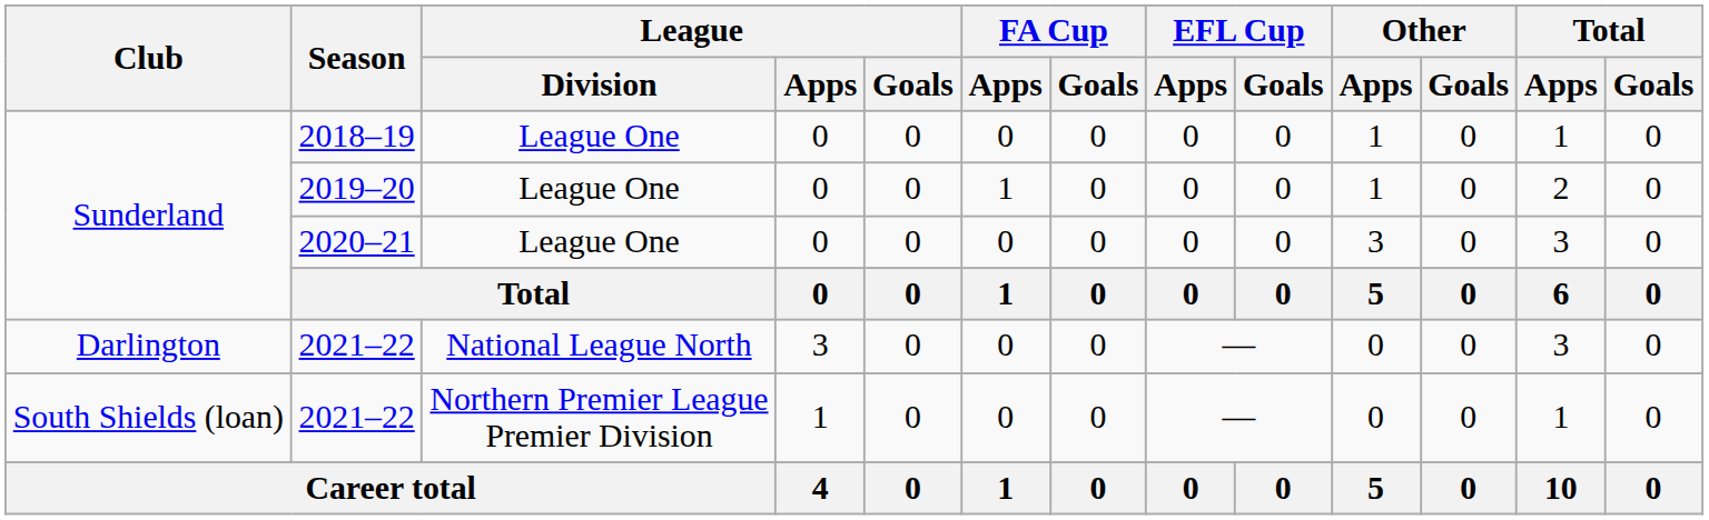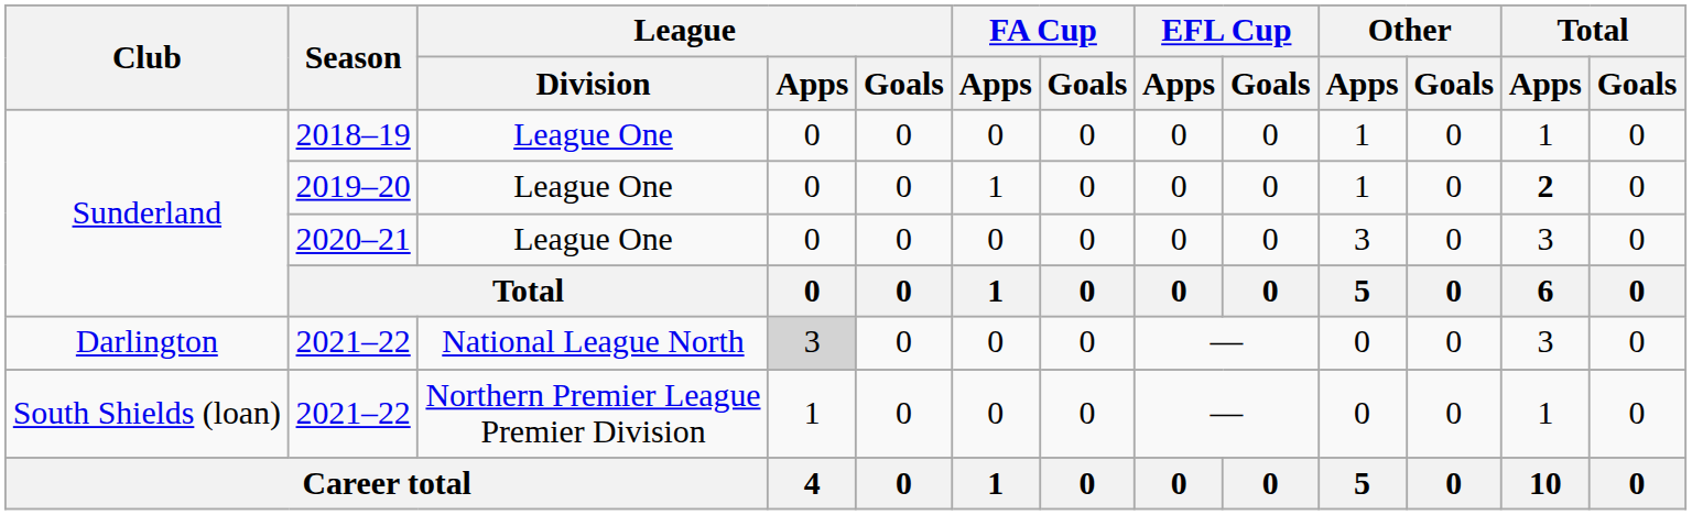 <table class="wikitable" style="text-align: center">
 <tr>
 <th rowspan="2">Club</th>
 <th rowspan="2">Season</th>
 <th colspan="3">League</th>
 <th colspan="2"><a href='#'>FA Cup</a></th>
 <th colspan="2"><a href='#'>EFL Cup</a></th>
 <th colspan="2">Other</th>
 <th colspan="2">Total</th>
 </tr>
 <tr>
 <th>Division</th>
 <th>Apps</th>
 <th>Goals</th>
 <th>Apps</th>
 <th>Goals</th>
 <th>Apps</th>
 <th>Goals</th>
 <th>Apps</th>
 <th>Goals</th>
 <th>Apps</th>
 <th>Goals</th>
 </tr>
 <tr>
 <td rowspan="4"><a href='#'>Sunderland</a></td>
 <td><a href='#'>2018–19</a></td>
 <td><a href='#'>League One</a></td>
 <td>0</td>
 <td>0</td>
 <td>0</td>
 <td>0</td>
 <td>0</td>
 <td>0</td>
 <td>1</td>
 <td>0</td>
 <td>1</td>
 <td>0</td>
 </tr>
 <tr>
 <td><a href='#'>2019–20</a></td>
 <td>League One</td>
 <td>0</td>
 <td>0</td>
 <td>1</td>
 <td>0</td>
 <td>0</td>
 <td>0</td>
 <td>1</td>
 <td>0</td>
-<td>2</td>
+<td><strong>2</strong></td>
 <td>0</td>
 </tr>
 <tr>
 <td><a href='#'>2020–21</a></td>
 <td>League One</td>
 <td>0</td>
 <td>0</td>
 <td>0</td>
 <td>0</td>
 <td>0</td>
 <td>0</td>
 <td>3</td>
 <td>0</td>
 <td>3</td>
 <td>0</td>
 </tr>
 <tr>
 <th colspan="2">Total</th>
 <th>0</th>
 <th>0</th>
 <th>1</th>
 <th>0</th>
 <th>0</th>
 <th>0</th>
 <th>5</th>
 <th>0</th>
 <th>6</th>
 <th>0</th>
 </tr>
 <tr>
 <td><a href='#'>Darlington</a></td>
 <td><a href='#'>2021–22</a></td>
 <td><a href='#'>National League North</a></td>
-<td>3</td>
+<td style="background: lightgrey;">3</td>
 <td>0</td>
 <td>0</td>
 <td>0</td>
 <td colspan="2">—</td>
 <td>0</td>
 <td>0</td>
 <td>3</td>
 <td>0</td>
 </tr>
 <tr>
 <td><a href='#'>South Shields</a> (loan)</td>
 <td><a href='#'>2021–22</a></td>
 <td><a href='#'>Northern Premier League</a><br>Premier Division</td>
 <td>1</td>
 <td>0</td>
 <td>0</td>
 <td>0</td>
 <td colspan="2">—</td>
 <td>0</td>
 <td>0</td>
 <td>1</td>
 <td>0</td>
 </tr>
 <tr>
 <th colspan="3">Career total</th>
 <th>4</th>
 <th>0</th>
 <th>1</th>
 <th>0</th>
 <th>0</th>
 <th>0</th>
 <th>5</th>
 <th>0</th>
 <th>10</th>
 <th>0</th>
 </tr>
 </table>
